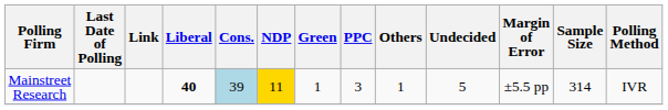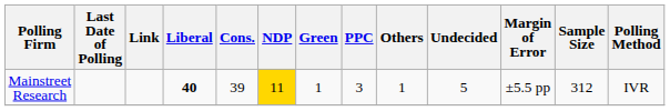 <table class="wikitable sortable" style="text-align:center;font-size:90%;line-height:14px;">
 <tr style="background:#e9e9e9;">
 <th style="width:120px">Polling Firm</th>
 <th style="width:110px">Last Date<br>of Polling</th>
 <th style="width:60px" class="unsortable">Link</th>
 <th style="background-color:"><a href='#'>Liberal</a></th>
 <th style="background-color:"><a href='#'>Cons.</a></th>
 <th style="background-color:"><a href='#'>NDP</a></th>
 <th style="background-color:"><a href='#'>Green</a></th>
 <th style="background-color:"><a href='#'><span>PPC</span></a></th>
 <th style="background-color:">Others</th>
 <th style="background-color:">Undecided</th>
 <th style="width:60px;" class=unsortable>Margin<br>of Error</th>
 <th style="width:50px;" class=unsortable>Sample<br>Size</th>
 <th class=unsortable>Polling Method</th>
 </tr>
 <tr>
 <td><a href='#'>Mainstreet Research</a></td>
 <td></td>
 <td></td>
 <td><strong>40</strong></td>
-<td style="background: lightblue;">39</td>
+<td>39</td>
 <td style="background: gold;">11</td>
 <td>1</td>
 <td>3</td>
 <td>1</td>
 <td>5</td>
 <td>±5.5 pp</td>
-<td>314</td>
+<td>312</td>
 <td>IVR</td>
 </tr>
 <tr>
 </tr>
 </table>
